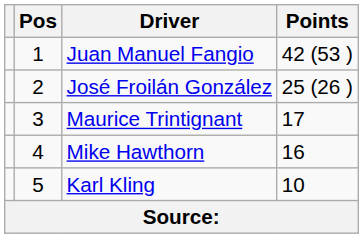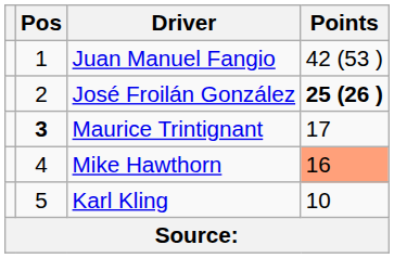 <table class="wikitable" style="font-size: 95%;">
 <tr>
 <th></th>
 <th>Pos</th>
 <th>Driver</th>
 <th>Points</th>
 </tr>
 <tr>
 <td align="left"></td>
 <td align="center">1</td>
 <td> <a href='#'>Juan Manuel Fangio</a></td>
 <td align="left">42 (53 )</td>
 </tr>
 <tr>
 <td align="left"></td>
 <td align="center">2</td>
 <td> <a href='#'>José Froilán González</a></td>
-<td align="left">25  (26 )</td>
+<td align="left"><strong>25  (26 )</strong></td>
 </tr>
 <tr>
 <td align="left"></td>
-<td align="center">3</td>
+<td align="center"><strong>3</strong></td>
 <td> <a href='#'>Maurice Trintignant</a></td>
 <td align="left">17</td>
 </tr>
 <tr>
 <td align="left"></td>
 <td align="center">4</td>
 <td> <a href='#'>Mike Hawthorn</a></td>
-<td align="left">16 </td>
+<td align="left" style="background: lightsalmon;">16 </td>
 </tr>
 <tr>
 <td align="left"></td>
 <td align="center">5</td>
 <td> <a href='#'>Karl Kling</a></td>
 <td align="left">10</td>
 </tr>
 <tr>
 <th colspan=4>Source: </th>
 </tr>
 </table>
